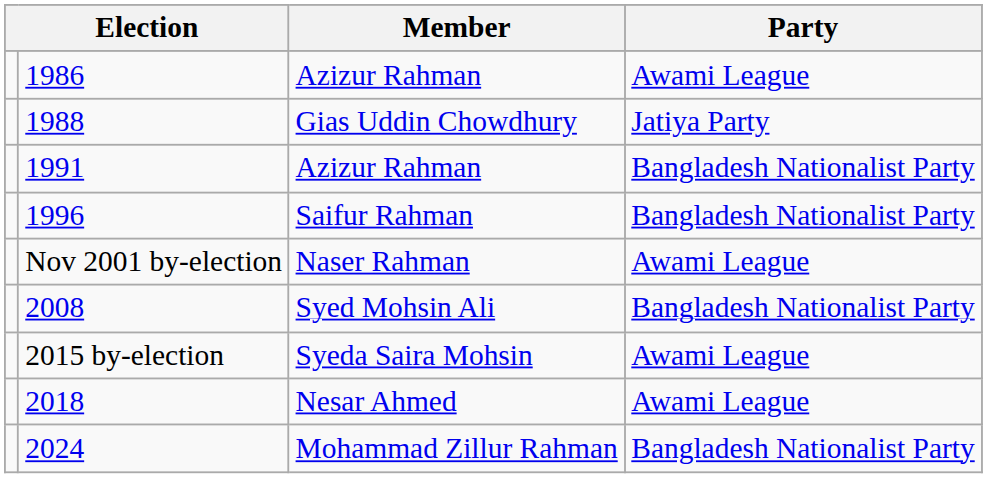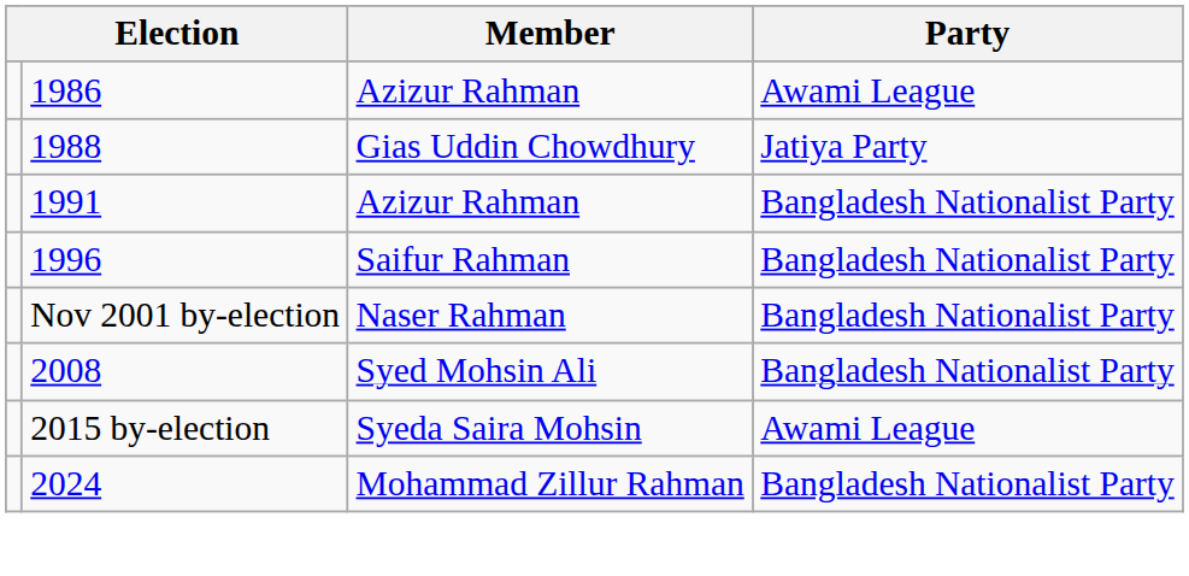 <table class="wikitable">
 <tr>
 <th colspan="2">Election</th>
 <th>Member</th>
 <th>Party</th>
 </tr>
 <tr>
 <td style="background-color:"></td>
 <td><a href='#'>1986</a></td>
 <td><a href='#'>Azizur Rahman</a></td>
 <td><a href='#'>Awami League</a></td>
 </tr>
 <tr>
 <td style="background-color:"></td>
 <td><a href='#'>1988</a></td>
 <td><a href='#'>Gias Uddin Chowdhury</a></td>
 <td><a href='#'>Jatiya Party</a></td>
 </tr>
 <tr>
 <td style="background-color:"></td>
 <td><a href='#'>1991</a></td>
 <td><a href='#'>Azizur Rahman</a></td>
 <td><a href='#'>Bangladesh Nationalist Party</a></td>
 </tr>
 <tr>
 <td style="background-color:"></td>
 <td><a href='#'>1996</a></td>
 <td><a href='#'>Saifur Rahman</a></td>
 <td><a href='#'>Bangladesh Nationalist Party</a></td>
 </tr>
 <tr>
 <td style="background-color:"></td>
 <td>Nov 2001 by-election</td>
 <td><a href='#'>Naser Rahman</a></td>
-<td><a href='#'>Awami League</a></td>
+<td><a href='#'>Bangladesh Nationalist Party</a></td>
 </tr>
 <tr>
 <td style="background-color:"></td>
 <td><a href='#'>2008</a></td>
 <td><a href='#'>Syed Mohsin Ali</a></td>
 <td><a href='#'>Bangladesh Nationalist Party</a></td>
 </tr>
 <tr>
 <td style="background-color:"></td>
 <td>2015 by-election</td>
 <td><a href='#'>Syeda Saira Mohsin</a></td>
 <td><a href='#'>Awami League</a></td>
 </tr>
 <tr>
 <td style="background-color:"></td>
-<td><a href='#'>2018</a></td>
-<td><a href='#'>Nesar Ahmed</a></td>
-<td><a href='#'>Awami League</a></td>
-</tr>
-<tr>
-<td style="background-color:"></td>
 <td><a href='#'>2024</a></td>
 <td><a href='#'>Mohammad Zillur Rahman</a></td>
 <td><a href='#'>Bangladesh Nationalist Party</a></td>
 </tr>
 </table>
